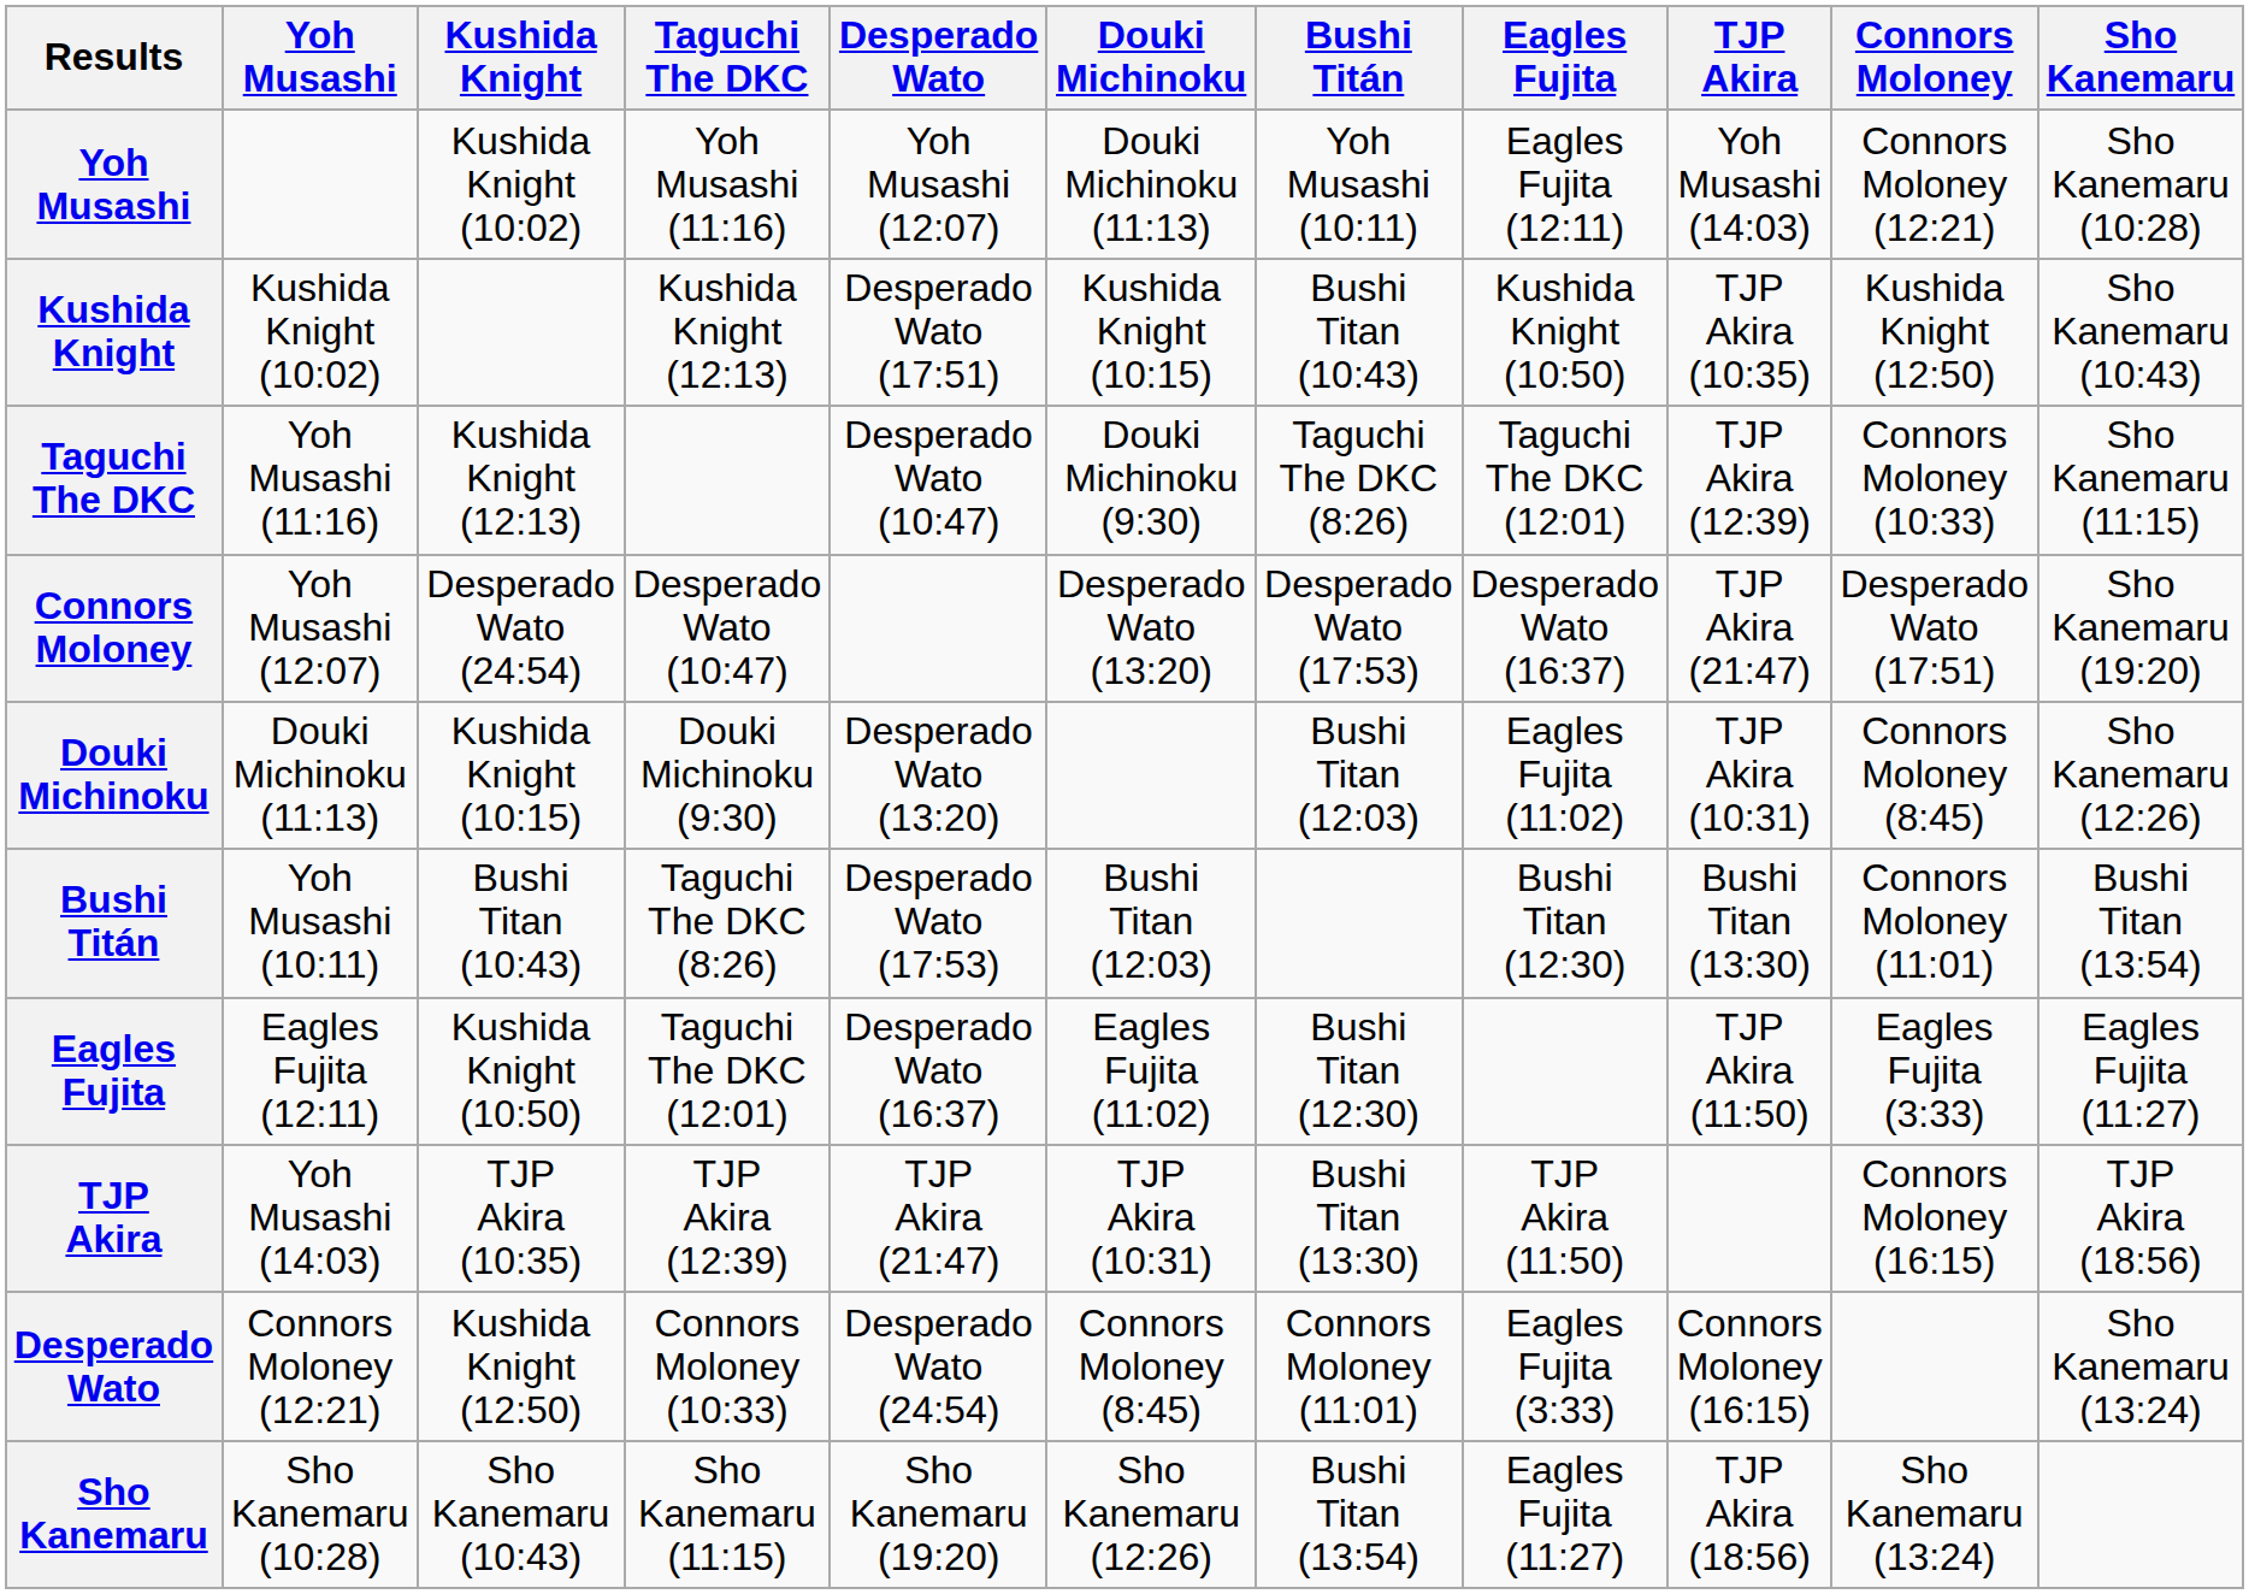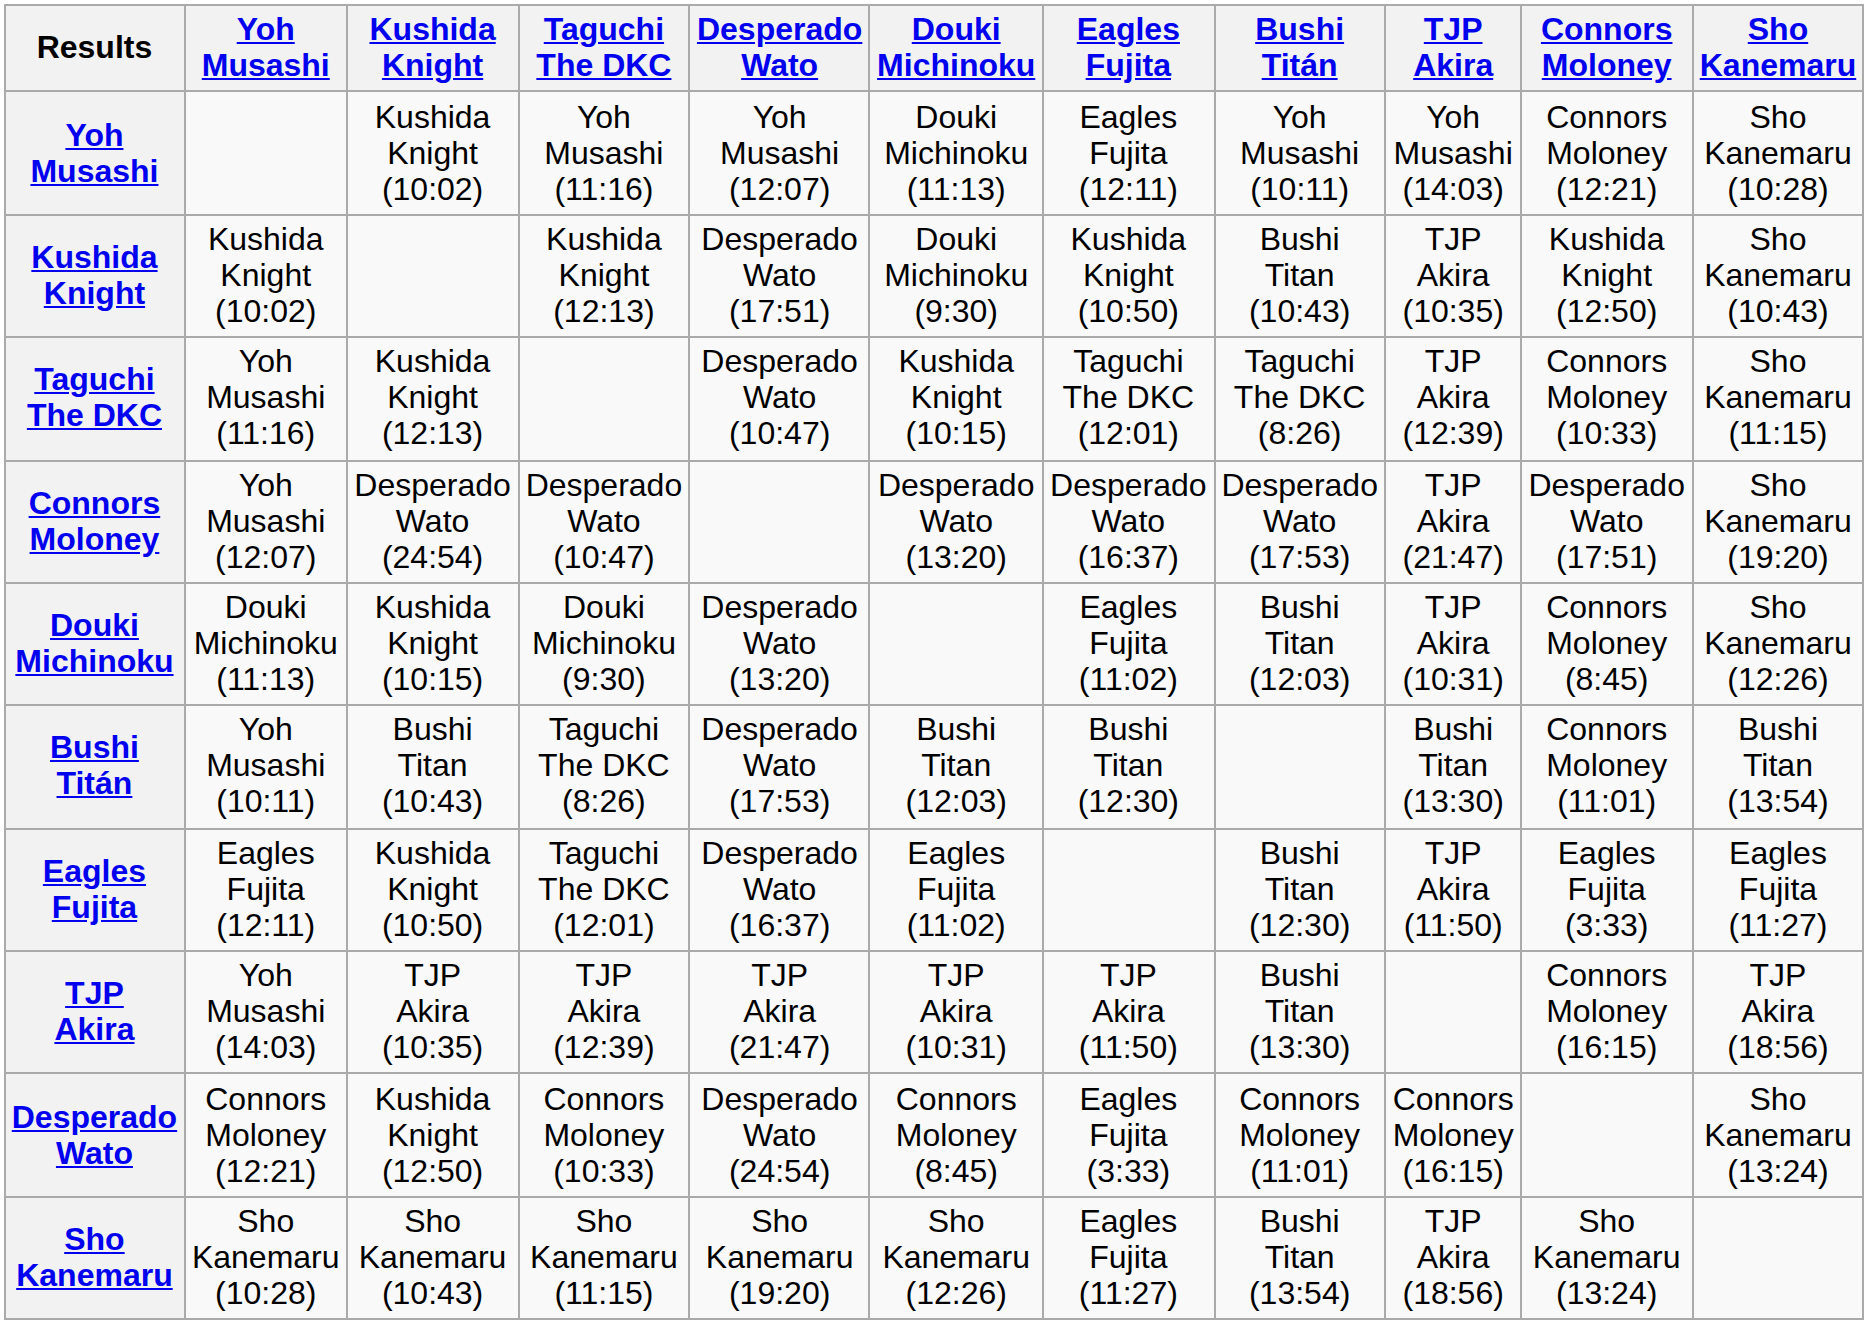 <table class="wikitable" style="margin: 1em auto 1em auto;text-align:center">
 <tr>
 <th>Results</th>
 <th><a href='#'>Yoh</a><br><a href='#'>Musashi</a></th>
 <th><a href='#'>Kushida</a> <br><a href='#'>Knight</a></th>
 <th><a href='#'>Taguchi</a> <br> <a href='#'>The DKC</a></th>
 <th><a href='#'>Desperado</a> <br><a href='#'>Wato</a></th>
 <th><a href='#'>Douki</a> <br> <a href='#'>Michinoku</a></th>
+<th><a href='#'>Eagles</a><br><a href='#'>Fujita</a></th>
 <th><a href='#'>Bushi</a><br><a href='#'>Titán</a></th>
-<th><a href='#'>Eagles</a><br><a href='#'>Fujita</a></th>
 <th><a href='#'>TJP</a> <br><a href='#'>Akira</a></th>
 <th><a href='#'>Connors</a><br><a href='#'>Moloney</a></th>
 <th><a href='#'>Sho</a><br><a href='#'>Kanemaru</a></th>
 </tr>
 <tr>
 <th><a href='#'>Yoh</a><br><a href='#'>Musashi</a></th>
 <td></td>
 <td>Kushida<br>Knight<br>(10:02)</td>
 <td>Yoh<br>Musashi<br>(11:16)</td>
 <td>Yoh<br>Musashi<br>(12:07)</td>
 <td>Douki <br> Michinoku <br> (11:13)</td>
+<td>Eagles<br>Fujita<br> (12:11)</td>
 <td>Yoh<br>Musashi<br>(10:11)</td>
-<td>Eagles<br>Fujita<br> (12:11)</td>
 <td>Yoh<br>Musashi<br>(14:03)</td>
 <td>Connors<br>Moloney<br>(12:21)</td>
 <td>Sho<br>Kanemaru<br>(10:28)</td>
 </tr>
 <tr>
 <th><a href='#'>Kushida</a><br><a href='#'>Knight</a></th>
 <td>Kushida<br>Knight<br>(10:02)</td>
 <td></td>
 <td>Kushida<br>Knight<br>(12:13)</td>
 <td>Desperado <br> Wato <br> (17:51)</td>
-<td>Kushida<br>Knight<br>(10:15)</td>
+<td>Douki <br> Michinoku <br> (9:30)</td>
+<td>Kushida<br>Knight<br>(10:50)</td>
 <td>Bushi<br>Titan<br>(10:43)</td>
-<td>Kushida<br>Knight<br>(10:50)</td>
 <td>TJP<br>Akira<br>(10:35)</td>
 <td>Kushida<br>Knight<br>(12:50)</td>
 <td>Sho<br>Kanemaru <br> (10:43)</td>
 </tr>
 <tr>
 <th><a href='#'>Taguchi</a><br><a href='#'>The DKC</a></th>
 <td>Yoh<br>Musashi<br>(11:16)</td>
 <td>Kushida<br>Knight<br>(12:13)</td>
 <td></td>
 <td>Desperado<br>Wato<br> (10:47)</td>
-<td>Douki <br> Michinoku <br> (9:30)</td>
+<td>Kushida<br>Knight<br>(10:15)</td>
+<td>Taguchi<br>The DKC<br> (12:01)</td>
 <td>Taguchi<br>The DKC<br> (8:26)</td>
-<td>Taguchi<br>The DKC<br> (12:01)</td>
 <td>TJP<br>Akira<br>(12:39)</td>
 <td>Connors<br>Moloney<br>(10:33)</td>
 <td>Sho<br>Kanemaru<br>(11:15)</td>
 </tr>
 <tr>
 <th><a href='#'>Connors</a><br><a href='#'>Moloney</a></th>
 <td>Yoh<br>Musashi<br>(12:07)</td>
 <td>Desperado <br> Wato <br> (24:54)</td>
 <td>Desperado <br> Wato <br> (10:47)</td>
 <td></td>
 <td>Desperado <br> Wato <br> (13:20)</td>
+<td>Desperado<br>Wato<br> (16:37)</td>
 <td>Desperado <br> Wato <br> (17:53)</td>
-<td>Desperado<br>Wato<br> (16:37)</td>
 <td>TJP<br>Akira<br>(21:47)</td>
 <td>Desperado <br> Wato <br> (17:51)</td>
 <td>Sho<br>Kanemaru<br>(19:20)</td>
 </tr>
 <tr>
 <th><a href='#'>Douki</a> <br> <a href='#'>Michinoku</a></th>
 <td>Douki <br> Michinoku <br> (11:13)</td>
 <td>Kushida<br>Knight<br>(10:15)</td>
 <td>Douki <br> Michinoku <br> (9:30)</td>
 <td>Desperado <br> Wato <br> (13:20)</td>
 <td></td>
+<td>Eagles <br> Fujita <br> (11:02)</td>
 <td>Bushi<br>Titan<br>(12:03)</td>
-<td>Eagles <br> Fujita <br> (11:02)</td>
 <td>TJP<br>Akira<br>(10:31)</td>
 <td>Connors<br>Moloney<br>(8:45)</td>
 <td>Sho<br>Kanemaru <br> (12:26)</td>
 </tr>
 <tr>
 <th><a href='#'>Bushi</a><br><a href='#'>Titán</a></th>
 <td>Yoh<br>Musashi<br>(10:11)</td>
 <td>Bushi<br>Titan<br>(10:43)</td>
 <td>Taguchi<br>The DKC<br> (8:26)</td>
 <td>Desperado <br> Wato <br> (17:53)</td>
 <td>Bushi<br>Titan<br>(12:03)</td>
+<td>Bushi<br>Titan<br>(12:30)</td>
 <td></td>
-<td>Bushi<br>Titan<br>(12:30)</td>
 <td>Bushi<br>Titan<br>(13:30)</td>
 <td>Connors<br>Moloney<br>(11:01)</td>
 <td>Bushi<br>Titan<br>(13:54)</td>
 </tr>
 <tr>
 <th><a href='#'>Eagles</a><br><a href='#'>Fujita</a></th>
 <td>Eagles<br>Fujita<br> (12:11)</td>
 <td>Kushida<br>Knight<br>(10:50)</td>
 <td>Taguchi<br>The DKC<br> (12:01)</td>
 <td>Desperado<br>Wato<br> (16:37)</td>
 <td>Eagles<br>Fujita<br> (11:02)</td>
+<td></td>
 <td>Bushi<br>Titan<br>(12:30)</td>
-<td></td>
 <td>TJP<br>Akira<br>(11:50)</td>
 <td>Eagles<br>Fujita<br> (3:33)</td>
 <td>Eagles<br>Fujita<br> (11:27)</td>
 </tr>
 <tr>
 <th><a href='#'>TJP</a><br><a href='#'>Akira</a></th>
 <td>Yoh<br>Musashi<br>(14:03)</td>
 <td>TJP<br>Akira<br>(10:35)</td>
 <td>TJP<br>Akira<br>(12:39)</td>
 <td>TJP<br>Akira<br>(21:47)</td>
 <td>TJP<br>Akira<br>(10:31)</td>
+<td>TJP<br>Akira<br>(11:50)</td>
 <td>Bushi<br>Titan<br>(13:30)</td>
-<td>TJP<br>Akira<br>(11:50)</td>
 <td></td>
 <td>Connors<br>Moloney<br>(16:15)</td>
 <td>TJP<br>Akira<br>(18:56)</td>
 </tr>
 <tr>
 <th><a href='#'>Desperado</a> <br><a href='#'>Wato</a></th>
 <td>Connors<br>Moloney<br>(12:21)</td>
 <td>Kushida <br>Knight<br>(12:50)</td>
 <td>Connors<br>Moloney<br>(10:33)</td>
 <td>Desperado <br> Wato <br> (24:54)</td>
 <td>Connors<br>Moloney<br>(8:45)</td>
+<td>Eagles<br>Fujita<br> (3:33)</td>
 <td>Connors<br>Moloney<br>(11:01)</td>
-<td>Eagles<br>Fujita<br> (3:33)</td>
 <td>Connors<br>Moloney<br>(16:15)</td>
 <td></td>
 <td>Sho<br>Kanemaru<br>(13:24)</td>
 </tr>
 <tr>
 <th><a href='#'>Sho</a><br><a href='#'>Kanemaru</a></th>
 <td>Sho<br>Kanemaru<br>(10:28)</td>
 <td>Sho<br>Kanemaru<br> (10:43)</td>
 <td>Sho<br>Kanemaru<br>(11:15)</td>
 <td>Sho<br>Kanemaru<br>(19:20)</td>
 <td>Sho<br>Kanemaru<br>(12:26)</td>
+<td>Eagles<br>Fujita<br> (11:27)</td>
 <td>Bushi<br>Titan<br>(13:54)</td>
-<td>Eagles<br>Fujita<br> (11:27)</td>
 <td>TJP<br>Akira<br>(18:56)</td>
 <td>Sho<br>Kanemaru<br>(13:24)</td>
 <td></td>
 </tr>
 </table>
